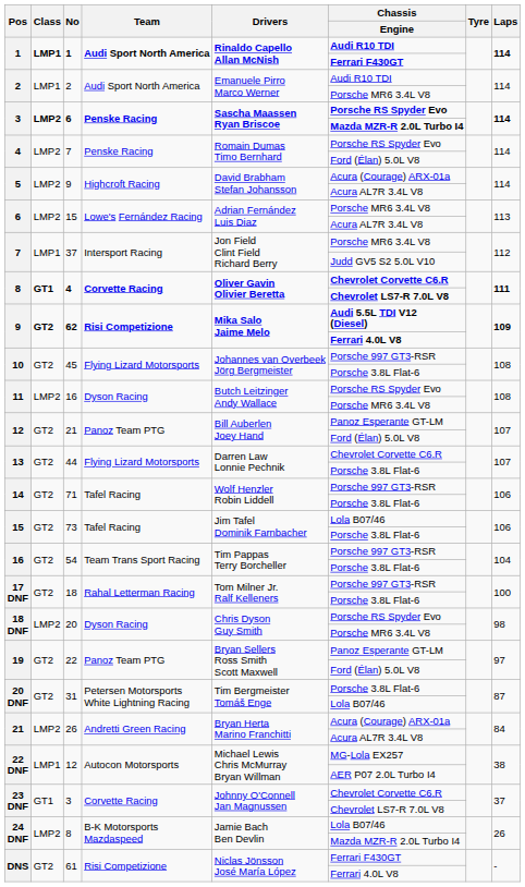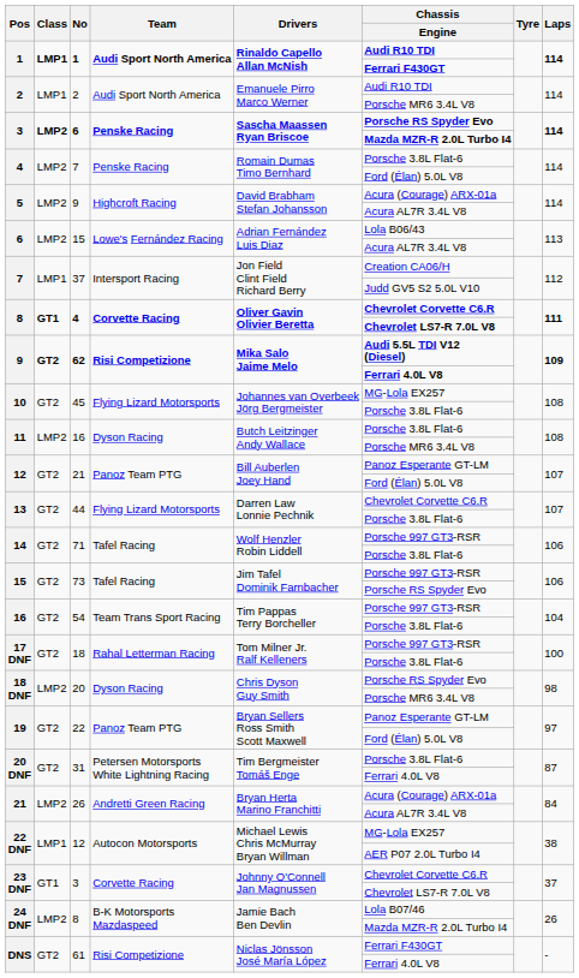 <table class="wikitable" style="font-size: 95%;">
 <tr>
 <th rowspan=2>Pos</th>
 <th rowspan=2>Class</th>
 <th rowspan=2>No</th>
 <th rowspan=2>Team</th>
 <th rowspan=2>Drivers</th>
 <th>Chassis</th>
 <th rowspan=2>Tyre</th>
 <th rowspan=2>Laps</th>
 </tr>
 <tr>
 <th>Engine</th>
 </tr>
 <tr style="font-weight:bold">
 <th rowspan=2>1</th>
 <td rowspan=2>LMP1</td>
 <td rowspan=2>1</td>
 <td rowspan=2> <a href='#'>Audi</a> Sport North America</td>
 <td rowspan=2> <a href='#'>Rinaldo Capello</a><br> <a href='#'>Allan McNish</a></td>
 <td><a href='#'>Audi R10 TDI</a></td>
 <td rowspan=2></td>
 <td rowspan=2>114</td>
 </tr>
 <tr style="font-weight:bold">
 <td><a href='#'>Ferrari F430GT</a></td>
 </tr>
 <tr>
 <th rowspan=2>2</th>
 <td rowspan=2>LMP1</td>
 <td rowspan=2>2</td>
 <td rowspan=2> <a href='#'>Audi</a> Sport North America</td>
 <td rowspan=2> <a href='#'>Emanuele Pirro</a><br> <a href='#'>Marco Werner</a></td>
 <td><a href='#'>Audi R10 TDI</a></td>
 <td rowspan=2></td>
 <td rowspan=2>114</td>
 </tr>
 <tr>
 <td><a href='#'>Porsche</a> MR6 3.4L V8</td>
 </tr>
 <tr style="font-weight:bold">
 <th rowspan=2>3</th>
 <td rowspan=2>LMP2</td>
 <td rowspan=2>6</td>
 <td rowspan=2> <a href='#'>Penske Racing</a></td>
 <td rowspan=2> <a href='#'>Sascha Maassen</a><br> <a href='#'>Ryan Briscoe</a></td>
 <td><a href='#'>Porsche RS Spyder</a> Evo</td>
 <td rowspan=2></td>
 <td rowspan=2>114</td>
 </tr>
 <tr style="font-weight:bold">
 <td><a href='#'>Mazda MZR-R</a> 2.0L Turbo I4</td>
 </tr>
 <tr>
 <th rowspan=2>4</th>
 <td rowspan=2>LMP2</td>
 <td rowspan=2>7</td>
 <td rowspan=2> <a href='#'>Penske Racing</a></td>
 <td rowspan=2> <a href='#'>Romain Dumas</a><br> <a href='#'>Timo Bernhard</a></td>
-<td><a href='#'>Porsche RS Spyder</a> Evo</td>
+<td><a href='#'>Porsche</a> 3.8L Flat-6</td>
 <td rowspan=2></td>
 <td rowspan=2>114</td>
 </tr>
 <tr>
 <td><a href='#'>Ford</a> (<a href='#'>Élan</a>) 5.0L V8</td>
 </tr>
 <tr>
 <th rowspan=2>5</th>
 <td rowspan=2>LMP2</td>
 <td rowspan=2>9</td>
 <td rowspan=2> <a href='#'>Highcroft Racing</a></td>
 <td rowspan=2> <a href='#'>David Brabham</a><br> <a href='#'>Stefan Johansson</a></td>
 <td><a href='#'>Acura</a> (<a href='#'>Courage</a>) <a href='#'>ARX-01a</a></td>
 <td rowspan=2></td>
 <td rowspan=2>114</td>
 </tr>
 <tr>
 <td><a href='#'>Acura</a> AL7R 3.4L V8</td>
 </tr>
 <tr>
 <th rowspan=2>6</th>
 <td rowspan=2>LMP2</td>
 <td rowspan=2>15</td>
 <td rowspan=2> <a href='#'>Lowe's</a> <a href='#'>Fernández Racing</a></td>
 <td rowspan=2> <a href='#'>Adrian Fernández</a><br> <a href='#'>Luis Diaz</a></td>
-<td><a href='#'>Porsche</a> MR6 3.4L V8</td>
+<td><a href='#'>Lola</a> B06/43</td>
 <td rowspan=2></td>
 <td rowspan=2>113</td>
 </tr>
 <tr>
 <td><a href='#'>Acura</a> AL7R 3.4L V8</td>
 </tr>
 <tr>
 <th rowspan=2>7</th>
 <td rowspan=2>LMP1</td>
 <td rowspan=2>37</td>
 <td rowspan=2> Intersport Racing</td>
 <td rowspan=2> Jon Field<br> Clint Field<br> Richard Berry</td>
-<td><a href='#'>Porsche</a> MR6 3.4L V8</td>
+<td><a href='#'>Creation CA06/H</a></td>
 <td rowspan=2></td>
 <td rowspan=2>112</td>
 </tr>
 <tr>
 <td><a href='#'>Judd</a> GV5 S2 5.0L V10</td>
 </tr>
 <tr style="font-weight:bold">
 <th rowspan=2>8</th>
 <td rowspan=2>GT1</td>
 <td rowspan=2>4</td>
 <td rowspan=2> <a href='#'>Corvette Racing</a></td>
 <td rowspan=2> <a href='#'>Oliver Gavin</a><br> <a href='#'>Olivier Beretta</a></td>
 <td><a href='#'>Chevrolet Corvette C6.R</a></td>
 <td rowspan=2></td>
 <td rowspan=2>111</td>
 </tr>
 <tr style="font-weight:bold">
 <td><a href='#'>Chevrolet</a> LS7-R 7.0L V8</td>
 </tr>
 <tr style="font-weight:bold">
 <th rowspan=2>9</th>
 <td rowspan=2>GT2</td>
 <td rowspan=2>62</td>
 <td rowspan=2> <a href='#'>Risi Competizione</a></td>
 <td rowspan=2> <a href='#'>Mika Salo</a><br> <a href='#'>Jaime Melo</a></td>
 <td><a href='#'>Audi</a> 5.5L <a href='#'>TDI</a> V12<br>(<a href='#'>Diesel</a>)</td>
 <td rowspan=2></td>
 <td rowspan=2>109</td>
 </tr>
 <tr style="font-weight:bold">
 <td><a href='#'>Ferrari</a> 4.0L V8</td>
 </tr>
 <tr>
 <th rowspan=2>10</th>
 <td rowspan=2>GT2</td>
 <td rowspan=2>45</td>
 <td rowspan=2> <a href='#'>Flying Lizard Motorsports</a></td>
 <td rowspan=2> <a href='#'>Johannes van Overbeek</a><br> <a href='#'>Jörg Bergmeister</a></td>
-<td><a href='#'>Porsche 997 GT3</a>-RSR</td>
+<td><a href='#'>MG</a>-<a href='#'>Lola</a> EX257</td>
 <td rowspan=2></td>
 <td rowspan=2>108</td>
 </tr>
 <tr>
 <td><a href='#'>Porsche</a> 3.8L Flat-6</td>
 </tr>
 <tr>
 <th rowspan=2>11</th>
 <td rowspan=2>LMP2</td>
 <td rowspan=2>16</td>
 <td rowspan=2> <a href='#'>Dyson Racing</a></td>
 <td rowspan=2> <a href='#'>Butch Leitzinger</a><br> <a href='#'>Andy Wallace</a></td>
-<td><a href='#'>Porsche RS Spyder</a> Evo</td>
+<td><a href='#'>Porsche</a> 3.8L Flat-6</td>
 <td rowspan=2></td>
 <td rowspan=2>108</td>
 </tr>
 <tr>
 <td><a href='#'>Porsche</a> MR6 3.4L V8</td>
 </tr>
 <tr>
 <th rowspan=2>12</th>
 <td rowspan=2>GT2</td>
 <td rowspan=2>21</td>
 <td rowspan=2> <a href='#'>Panoz</a> Team PTG</td>
 <td rowspan=2> <a href='#'>Bill Auberlen</a><br> <a href='#'>Joey Hand</a></td>
 <td><a href='#'>Panoz Esperante</a> GT-LM</td>
 <td rowspan=2></td>
 <td rowspan=2>107</td>
 </tr>
 <tr>
 <td><a href='#'>Ford</a> (<a href='#'>Élan</a>) 5.0L V8</td>
 </tr>
 <tr>
 <th rowspan=2>13</th>
 <td rowspan=2>GT2</td>
 <td rowspan=2>44</td>
 <td rowspan=2> <a href='#'>Flying Lizard Motorsports</a></td>
 <td rowspan=2> Darren Law<br> Lonnie Pechnik</td>
 <td><a href='#'>Chevrolet Corvette C6.R</a></td>
 <td rowspan=2></td>
 <td rowspan=2>107</td>
 </tr>
 <tr>
 <td><a href='#'>Porsche</a> 3.8L Flat-6</td>
 </tr>
 <tr>
 <th rowspan=2>14</th>
 <td rowspan=2>GT2</td>
 <td rowspan=2>71</td>
 <td rowspan=2> Tafel Racing</td>
 <td rowspan=2> <a href='#'>Wolf Henzler</a><br> Robin Liddell</td>
 <td><a href='#'>Porsche 997 GT3</a>-RSR</td>
 <td rowspan=2></td>
 <td rowspan=2>106</td>
 </tr>
 <tr>
 <td><a href='#'>Porsche</a> 3.8L Flat-6</td>
 </tr>
 <tr>
 <th rowspan=2>15</th>
 <td rowspan=2>GT2</td>
 <td rowspan=2>73</td>
 <td rowspan=2> Tafel Racing</td>
 <td rowspan=2> Jim Tafel<br> <a href='#'>Dominik Farnbacher</a></td>
-<td><a href='#'>Lola</a> B07/46</td>
+<td><a href='#'>Porsche 997 GT3</a>-RSR</td>
 <td rowspan=2></td>
 <td rowspan=2>106</td>
 </tr>
 <tr>
-<td><a href='#'>Porsche</a> 3.8L Flat-6</td>
+<td><a href='#'>Porsche RS Spyder</a> Evo</td>
 </tr>
 <tr>
 <th rowspan=2>16</th>
 <td rowspan=2>GT2</td>
 <td rowspan=2>54</td>
 <td rowspan=2> Team Trans Sport Racing</td>
 <td rowspan=2> Tim Pappas<br> Terry Borcheller</td>
 <td><a href='#'>Porsche 997 GT3</a>-RSR</td>
 <td rowspan=2></td>
 <td rowspan=2>104</td>
 </tr>
 <tr>
 <td><a href='#'>Porsche</a> 3.8L Flat-6</td>
 </tr>
 <tr>
 <th rowspan=2>17<br>DNF</th>
 <td rowspan=2>GT2</td>
 <td rowspan=2>18</td>
 <td rowspan=2> <a href='#'>Rahal Letterman Racing</a></td>
 <td rowspan=2> Tom Milner Jr.<br> <a href='#'>Ralf Kelleners</a></td>
 <td><a href='#'>Porsche 997 GT3</a>-RSR</td>
 <td rowspan=2></td>
 <td rowspan=2>100</td>
 </tr>
 <tr>
 <td><a href='#'>Porsche</a> 3.8L Flat-6</td>
 </tr>
 <tr>
 <th rowspan=2>18<br>DNF</th>
 <td rowspan=2>LMP2</td>
 <td rowspan=2>20</td>
 <td rowspan=2> <a href='#'>Dyson Racing</a></td>
 <td rowspan=2> <a href='#'>Chris Dyson</a><br> <a href='#'>Guy Smith</a></td>
 <td><a href='#'>Porsche RS Spyder</a> Evo</td>
 <td rowspan=2></td>
 <td rowspan=2>98</td>
 </tr>
 <tr>
 <td><a href='#'>Porsche</a> MR6 3.4L V8</td>
 </tr>
 <tr>
 <th rowspan=2>19</th>
 <td rowspan=2>GT2</td>
 <td rowspan=2>22</td>
 <td rowspan=2> <a href='#'>Panoz</a> Team PTG</td>
 <td rowspan=2> <a href='#'>Bryan Sellers</a><br> Ross Smith<br> Scott Maxwell</td>
 <td><a href='#'>Panoz Esperante</a> GT-LM</td>
 <td rowspan=2></td>
 <td rowspan=2>97</td>
 </tr>
 <tr>
 <td><a href='#'>Ford</a> (<a href='#'>Élan</a>) 5.0L V8</td>
 </tr>
 <tr>
 <th rowspan=2>20<br>DNF</th>
 <td rowspan=2>GT2</td>
 <td rowspan=2>31</td>
 <td rowspan=2> Petersen Motorsports<br> White Lightning Racing</td>
 <td rowspan=2> Tim Bergmeister<br> <a href='#'>Tomáš Enge</a></td>
 <td><a href='#'>Porsche</a> 3.8L Flat-6</td>
 <td rowspan=2></td>
 <td rowspan=2>87</td>
 </tr>
 <tr>
-<td><a href='#'>Lola</a> B07/46</td>
+<td><a href='#'>Ferrari</a> 4.0L V8</td>
 </tr>
 <tr>
 <th rowspan=2>21</th>
 <td rowspan=2>LMP2</td>
 <td rowspan=2>26</td>
 <td rowspan=2> <a href='#'>Andretti Green Racing</a></td>
 <td rowspan=2> <a href='#'>Bryan Herta</a><br> <a href='#'>Marino Franchitti</a></td>
 <td><a href='#'>Acura</a> (<a href='#'>Courage</a>) <a href='#'>ARX-01a</a></td>
 <td rowspan=2></td>
 <td rowspan=2>84</td>
 </tr>
 <tr>
 <td><a href='#'>Acura</a> AL7R 3.4L V8</td>
 </tr>
 <tr>
 <th rowspan=2>22<br>DNF</th>
 <td rowspan=2>LMP1</td>
 <td rowspan=2>12</td>
 <td rowspan=2> Autocon Motorsports</td>
 <td rowspan=2> Michael Lewis<br> Chris McMurray<br> Bryan Willman</td>
 <td><a href='#'>MG</a>-<a href='#'>Lola</a> EX257</td>
 <td rowspan=2></td>
 <td rowspan=2>38</td>
 </tr>
 <tr>
 <td><a href='#'>AER</a> P07 2.0L Turbo I4</td>
 </tr>
 <tr>
 <th rowspan=2>23<br>DNF</th>
 <td rowspan=2>GT1</td>
 <td rowspan=2>3</td>
 <td rowspan=2> <a href='#'>Corvette Racing</a></td>
 <td rowspan=2> <a href='#'>Johnny O'Connell</a><br> <a href='#'>Jan Magnussen</a></td>
 <td><a href='#'>Chevrolet Corvette C6.R</a></td>
 <td rowspan=2></td>
 <td rowspan=2>37</td>
 </tr>
 <tr>
 <td><a href='#'>Chevrolet</a> LS7-R 7.0L V8</td>
 </tr>
 <tr>
 <th rowspan=2>24<br>DNF</th>
 <td rowspan=2>LMP2</td>
 <td rowspan=2>8</td>
 <td rowspan=2> B-K Motorsports<br> <a href='#'>Mazdaspeed</a></td>
 <td rowspan=2> Jamie Bach<br> Ben Devlin</td>
 <td><a href='#'>Lola</a> B07/46</td>
 <td rowspan=2></td>
 <td rowspan=2>26</td>
 </tr>
 <tr>
 <td><a href='#'>Mazda MZR-R</a> 2.0L Turbo I4</td>
 </tr>
 <tr>
 <th rowspan=2>DNS</th>
 <td rowspan=2>GT2</td>
 <td rowspan=2>61</td>
 <td rowspan=2> <a href='#'>Risi Competizione</a></td>
 <td rowspan=2> <a href='#'>Niclas Jönsson</a><br> <a href='#'>José María López</a></td>
 <td><a href='#'>Ferrari F430GT</a></td>
 <td rowspan=2></td>
 <td rowspan=2>-</td>
 </tr>
 <tr>
 <td><a href='#'>Ferrari</a> 4.0L V8</td>
 </tr>
 </table>
